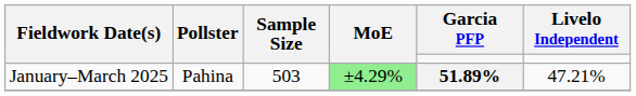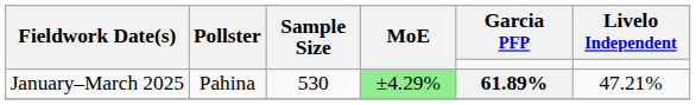 <table class="wikitable" style="text-align:center;font-size:90%;line-height:15px">
 <tr>
 <th rowspan="2">Fieldwork Date(s)</th>
 <th rowspan="2">Pollster</th>
 <th rowspan="2" style="width:60px;">Sample Size</th>
 <th rowspan="2" style="width:60px;">MoE</th>
 <th style="width:75px;">Garcia<br><small><a href='#'>PFP</a></small></th>
 <th style="width:75px;">Livelo<br><small><a href='#'>Independent</a></small></th>
 </tr>
 <tr>
 <td style="background:"></td>
 <td style="background:"></td>
 </tr>
 <tr>
 <td>January–March 2025</td>
 <td>Pahina</td>
-<td>503</td>
+<td>530</td>
 <td style="background: lightgreen;">±4.29%</td>
-<th style="background-color:#">51.89%</th>
+<th style="background-color:#">61.89%</th>
 <td>47.21%</td>
 </tr>
 <tr>
 </tr>
 </table>
